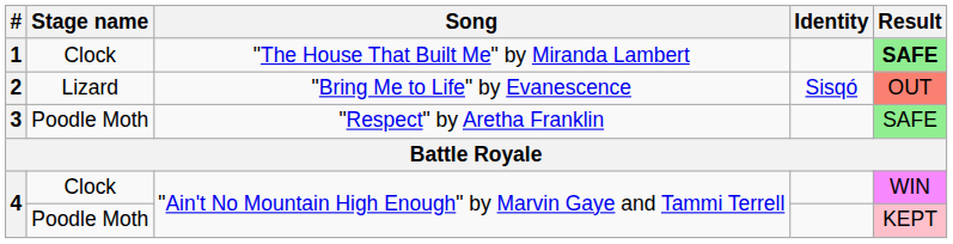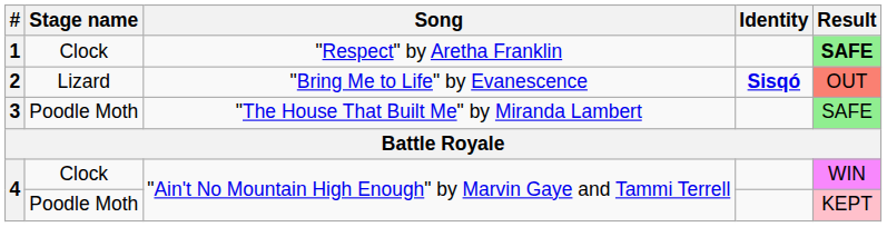 <table class="wikitable plainrowheaders" style="text-align: center;">
 <tr>
 <th>#</th>
 <th>Stage name</th>
 <th>Song</th>
 <th>Identity</th>
 <th>Result</th>
 </tr>
 <tr>
 <th>1</th>
 <td>Clock</td>
-<td>"<a href='#'>The House That Built Me</a>" by <a href='#'>Miranda Lambert</a></td>
+<td>"<a href='#'>Respect</a>" by <a href='#'>Aretha Franklin</a></td>
 <td></td>
 <td bgcolor=lightgreen><strong>SAFE</strong></td>
 </tr>
 <tr>
 <th>2</th>
 <td>Lizard</td>
 <td>"<a href='#'>Bring Me to Life</a>" by <a href='#'>Evanescence</a></td>
-<td><a href='#'>Sisqó</a></td>
+<td><strong><a href='#'>Sisqó</a></strong></td>
 <td bgcolor=salmon>OUT</td>
 </tr>
 <tr>
 <th>3</th>
 <td>Poodle Moth</td>
-<td>"<a href='#'>Respect</a>" by <a href='#'>Aretha Franklin</a></td>
+<td>"<a href='#'>The House That Built Me</a>" by <a href='#'>Miranda Lambert</a></td>
 <td></td>
 <td bgcolor=lightgreen>SAFE</td>
 </tr>
 <tr>
 <th colspan=5>Battle Royale</th>
 </tr>
 <tr>
 <th rowspan=2>4</th>
 <td>Clock</td>
 <td rowspan=2>"<a href='#'>Ain't No Mountain High Enough</a>" by <a href='#'>Marvin Gaye</a> and <a href='#'>Tammi Terrell</a></td>
 <td></td>
 <td bgcolor="#F888FD">WIN</td>
 </tr>
 <tr>
 <td>Poodle Moth</td>
 <td></td>
 <td bgcolor=pink>KEPT</td>
 </tr>
 </table>
